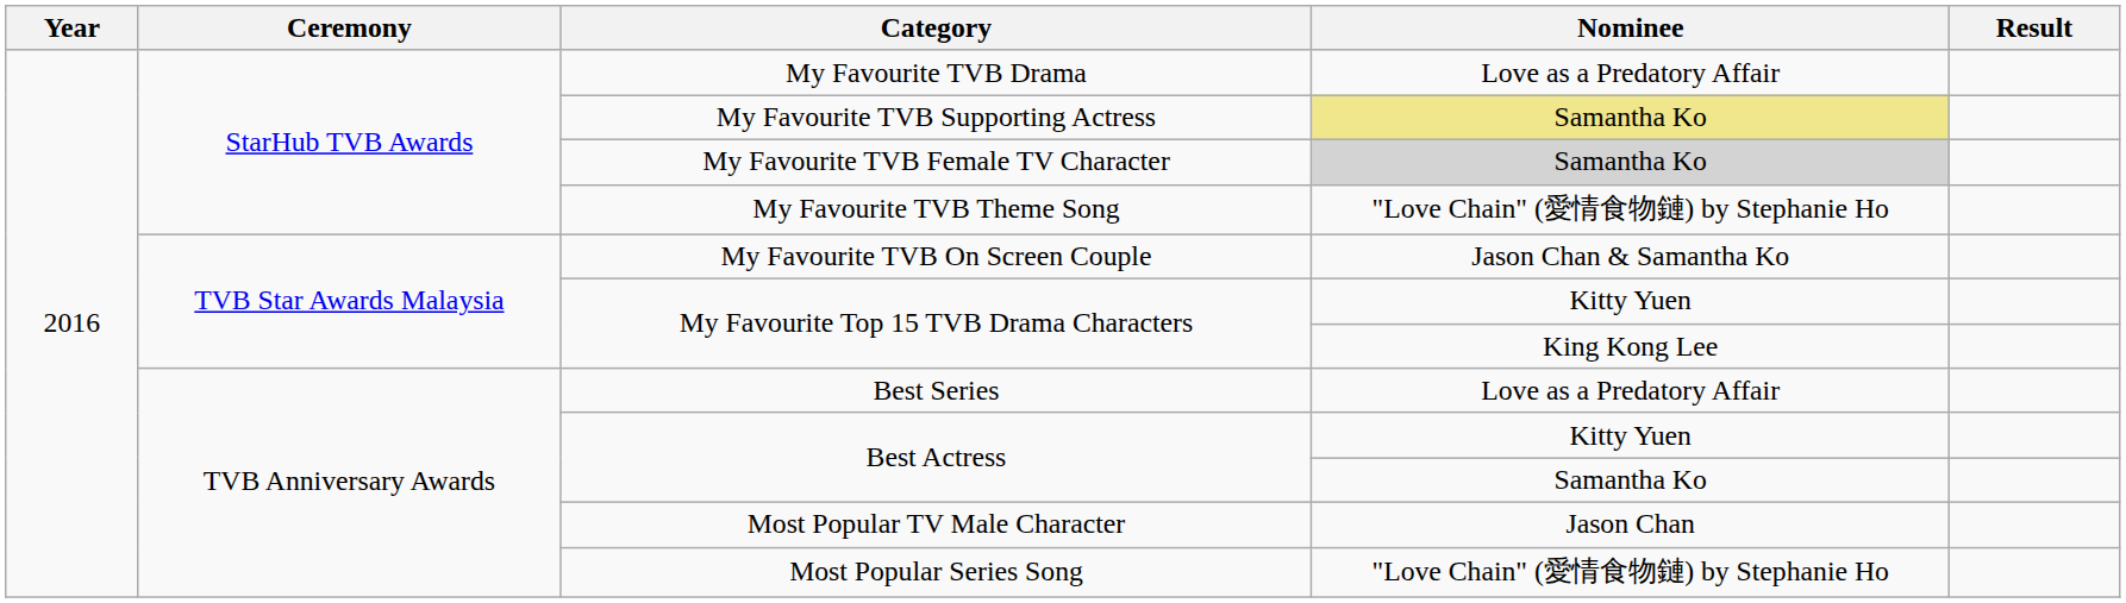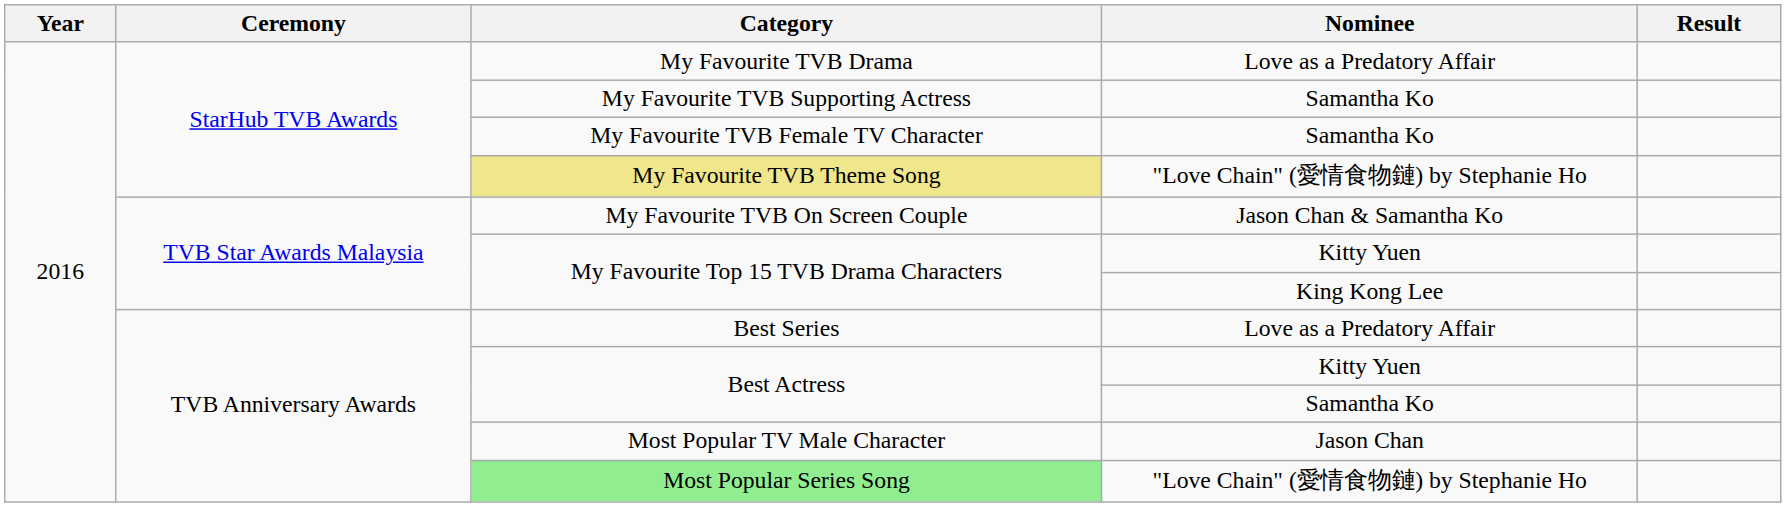 <table class="wikitable" style="width:95%;">
 <tr>
 <th style="width:45px;">Year</th>
 <th style="width:160px;">Ceremony</th>
 <th style="width:290px;">Category</th>
 <th style="width:245px;">Nominee</th>
 <th style="width:60px;">Result</th>
 </tr>
 <tr>
 <td rowspan=31 align="center">2016</td>
 <td rowspan=4 align="center"><a href='#'>StarHub TVB Awards</a></td>
 <td align="center">My Favourite TVB Drama</td>
 <td align="center">Love as a Predatory Affair</td>
 <td></td>
 </tr>
 <tr>
 <td align="center">My Favourite TVB Supporting Actress</td>
-<td align="center" style="background: khaki;">Samantha Ko</td>
+<td align="center">Samantha Ko</td>
 <td></td>
 </tr>
 <tr>
 <td align="center">My Favourite TVB Female TV Character</td>
-<td align="center" style="background: lightgrey;">Samantha Ko</td>
+<td align="center">Samantha Ko</td>
 <td></td>
 </tr>
 <tr>
-<td align="center">My Favourite TVB Theme Song</td>
+<td align="center" style="background: khaki;">My Favourite TVB Theme Song</td>
 <td align="center">"Love Chain" (愛情食物鏈) by Stephanie Ho</td>
 <td></td>
 </tr>
 <tr>
 <td rowspan=3 align="center"><a href='#'>TVB Star Awards Malaysia</a></td>
 <td align="center">My Favourite TVB On Screen Couple</td>
 <td align="center">Jason Chan & Samantha Ko</td>
 <td></td>
 </tr>
 <tr>
 <td rowspan=2 align="center">My Favourite Top 15 TVB Drama Characters</td>
 <td align="center">Kitty Yuen</td>
 <td></td>
 </tr>
 <tr>
 <td align="center">King Kong Lee</td>
 <td></td>
 </tr>
 <tr>
 <td rowspan=5 align="center">TVB Anniversary Awards</td>
 <td align="center">Best Series</td>
 <td align="center">Love as a Predatory Affair</td>
 <td></td>
 </tr>
 <tr>
 <td rowspan=2 align="center">Best Actress</td>
 <td align="center">Kitty Yuen</td>
 <td></td>
 </tr>
 <tr>
 <td align="center">Samantha Ko</td>
 <td></td>
 </tr>
 <tr>
 <td align="center">Most Popular TV Male Character</td>
 <td align="center">Jason Chan</td>
 <td></td>
 </tr>
 <tr>
-<td align="center">Most Popular Series Song</td>
+<td align="center" style="background: lightgreen;">Most Popular Series Song</td>
 <td align="center">"Love Chain" (愛情食物鏈) by Stephanie Ho</td>
 <td></td>
 </tr>
 </table>
